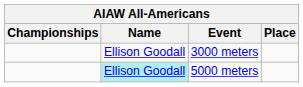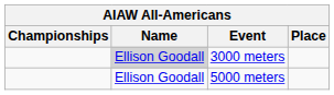 <table class="wikitable sortable">
 <tr>
 <th colspan="5">AIAW All-Americans</th>
 </tr>
 <tr>
 <th scope="col">Championships</th>
 <th scope="col">Name</th>
 <th scope="col">Event</th>
 <th scope="col">Place</th>
 </tr>
 <tr>
 <td></td>
-<td><a href='#'>Ellison Goodall</a></td>
+<td style="background: lightgrey;"><a href='#'>Ellison Goodall</a></td>
 <td><a href='#'>3000 meters</a></td>
 <td></td>
 </tr>
 <tr>
 <td></td>
-<td style="background: paleturquoise;"><a href='#'>Ellison Goodall</a></td>
+<td><a href='#'>Ellison Goodall</a></td>
 <td><a href='#'>5000 meters</a></td>
 <td></td>
 </tr>
 </table>
